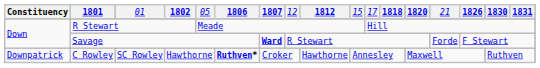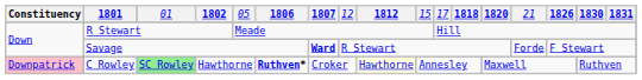 <table class="wikitable" style="border-collapse: separate; border-spacing: 0;">
 <tr>
 <th>Constituency</th>
 <th><a href='#'>1801</a></th>
 <th style="font-weight: normal;"><em><a href='#'>01</a></em></th>
 <th><a href='#'>1802</a></th>
 <th style="font-weight: normal;"><em><a href='#'>05</a></em></th>
 <th><a href='#'>1806</a></th>
 <th><a href='#'>1807</a></th>
 <th style="font-weight: normal;"><em><a href='#'>12</a></em></th>
 <th><a href='#'>1812</a></th>
 <th style="font-weight: normal;"><em><a href='#'>15</a></em></th>
 <th style="font-weight: normal;"><em><a href='#'>17</a></em></th>
 <th><a href='#'>1818</a></th>
 <th><a href='#'>1820</a></th>
 <th style="font-weight: normal;"><em><a href='#'>21</a></em></th>
 <th><a href='#'>1826</a></th>
 <th><a href='#'>1830</a></th>
 <th><a href='#'>1831</a></th>
 </tr>
 <tr>
 <td rowspan="2"><a href='#'>Down</a></td>
 <td colspan="3"><a href='#'>R Stewart</a></td>
 <td colspan="6" style="padding: 1px 2px;"><a href='#'>Meade</a></td>
 <td colspan="7"><a href='#'>Hill</a></td>
 </tr>
 <tr>
 <td colspan="5" style="padding: 1px 2px;"><a href='#'>Savage</a></td>
 <td colspan="1" style="padding: 1px 2px;"><strong><a href='#'>Ward</a></strong></td>
 <td colspan="6"><a href='#'>R Stewart</a></td>
 <td colspan="1"><a href='#'>Forde</a></td>
 <td colspan="3"><a href='#'>F Stewart</a></td>
 </tr>
 <tr>
-<td><a href='#'>Downpatrick</a></td>
+<td style="background: pink;"><a href='#'>Downpatrick</a></td>
 <td colspan="1" style="padding: 1px 2px;"><a href='#'>C Rowley</a></td>
-<td colspan="1" style="padding: 1px 2px;"><a href='#'>SC Rowley</a></td>
+<td colspan="1" style="background: lightgreen; padding: 1px 2px;"><a href='#'>SC Rowley</a></td>
 <td colspan="2" style="padding: 1px 2px;"><a href='#'>Hawthorne</a></td>
 <td colspan="1"><strong><a href='#'>Ruthven</a>*</strong></td>
 <td colspan="2"><a href='#'>Croker</a></td>
-<td colspan="1"><a href='#'>Hawthorne</a></td>
+<td colspan="1" style="background: lightyellow;"><a href='#'>Hawthorne</a></td>
 <td colspan="3"><a href='#'>Annesley</a></td>
 <td colspan="3"><a href='#'>Maxwell</a></td>
 <td colspan="2"><a href='#'>Ruthven</a></td>
 </tr>
 </table>
